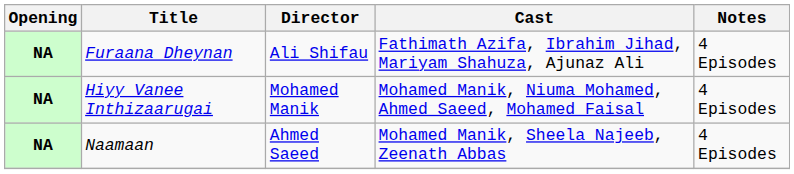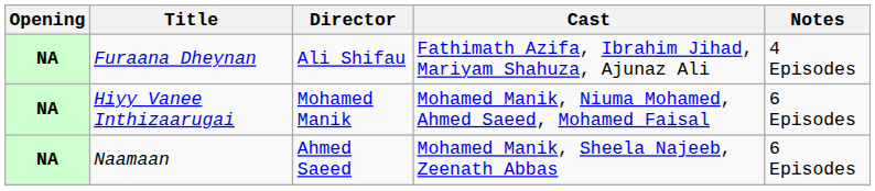 <table class="wikitable plainrowheaders" width="100%">
 <tr>
 <th scope="col" colspan="2">Opening</th>
 <th scope="col">Title</th>
 <th scope="col">Director</th>
 <th scope="col">Cast</th>
 <th>Notes</th>
 </tr>
 <tr>
 <td style="text-align:center; textcolor:#000; background:#cdfecd;" colspan="2"><strong>NA</strong></td>
 <td><em><a href='#'>Furaana Dheynan</a></em></td>
 <td><a href='#'>Ali Shifau</a></td>
 <td><a href='#'>Fathimath Azifa</a>, <a href='#'>Ibrahim Jihad</a>, <a href='#'>Mariyam Shahuza</a>, Ajunaz Ali</td>
 <td>4 Episodes</td>
 </tr>
 <tr>
 <td style="text-align:center; textcolor:#000; background:#cdfecd;" colspan="2"><strong>NA</strong></td>
 <td><em><a href='#'>Hiyy Vanee Inthizaarugai</a></em></td>
 <td><a href='#'>Mohamed Manik</a></td>
 <td><a href='#'>Mohamed Manik</a>, <a href='#'>Niuma Mohamed</a>, <a href='#'>Ahmed Saeed</a>, <a href='#'>Mohamed Faisal</a></td>
-<td>4 Episodes</td>
+<td>6 Episodes</td>
 </tr>
 <tr>
 <td style="text-align:center; textcolor:#000; background:#cdfecd;" colspan="2"><strong>NA</strong></td>
 <td><em>Naamaan</em></td>
 <td><a href='#'>Ahmed Saeed</a></td>
 <td><a href='#'>Mohamed Manik</a>, <a href='#'>Sheela Najeeb</a>, <a href='#'>Zeenath Abbas</a></td>
-<td>4 Episodes</td>
+<td>6 Episodes</td>
 </tr>
 <tr>
 </tr>
 </table>
